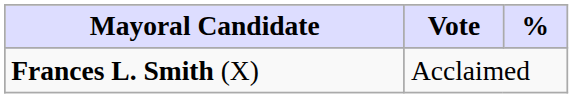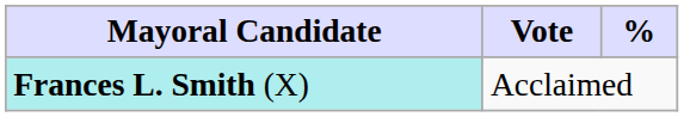 <table class="wikitable">
 <tr>
 <th style="background:#ddf; width:225px;">Mayoral Candidate</th>
 <th style="background:#ddf; width:50px;">Vote</th>
 <th style="background:#ddf; width:30px;">%</th>
 </tr>
 <tr>
-<td><strong>Frances L. Smith</strong> (X)</td>
+<td style="background: paleturquoise;"><strong>Frances L. Smith</strong> (X)</td>
 <td colspan="2">Acclaimed</td>
 </tr>
 </table>
